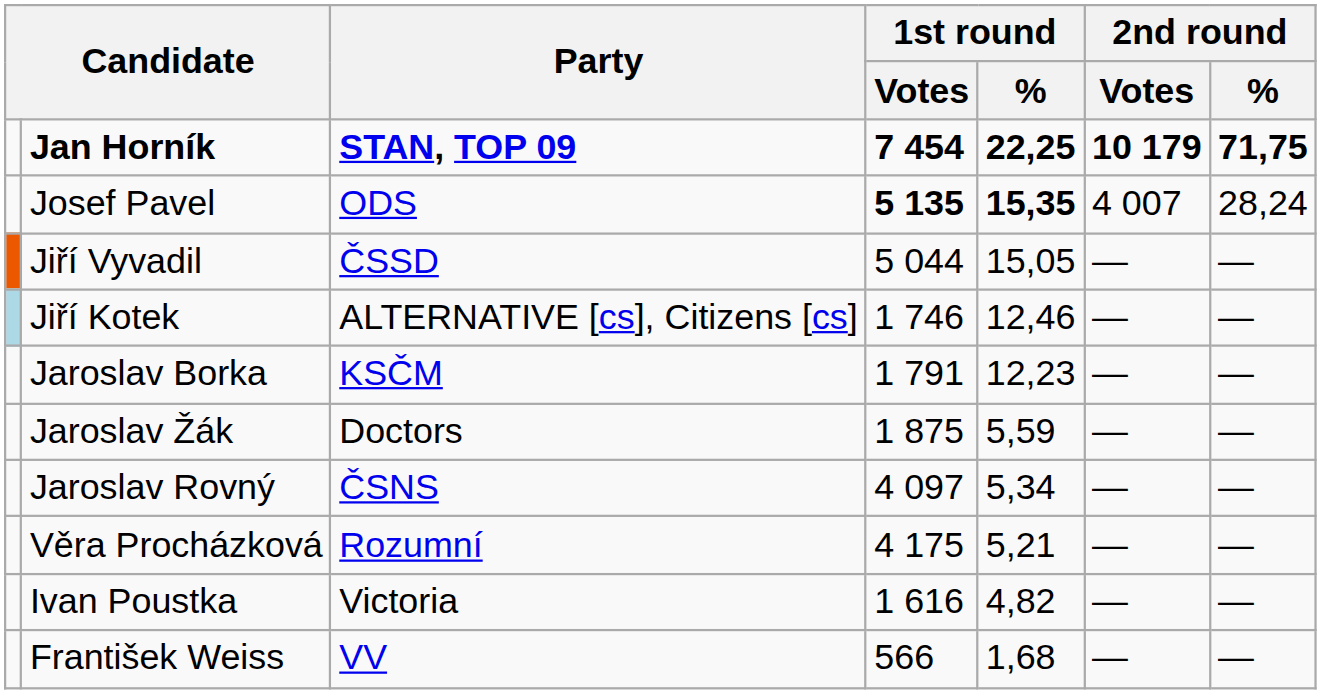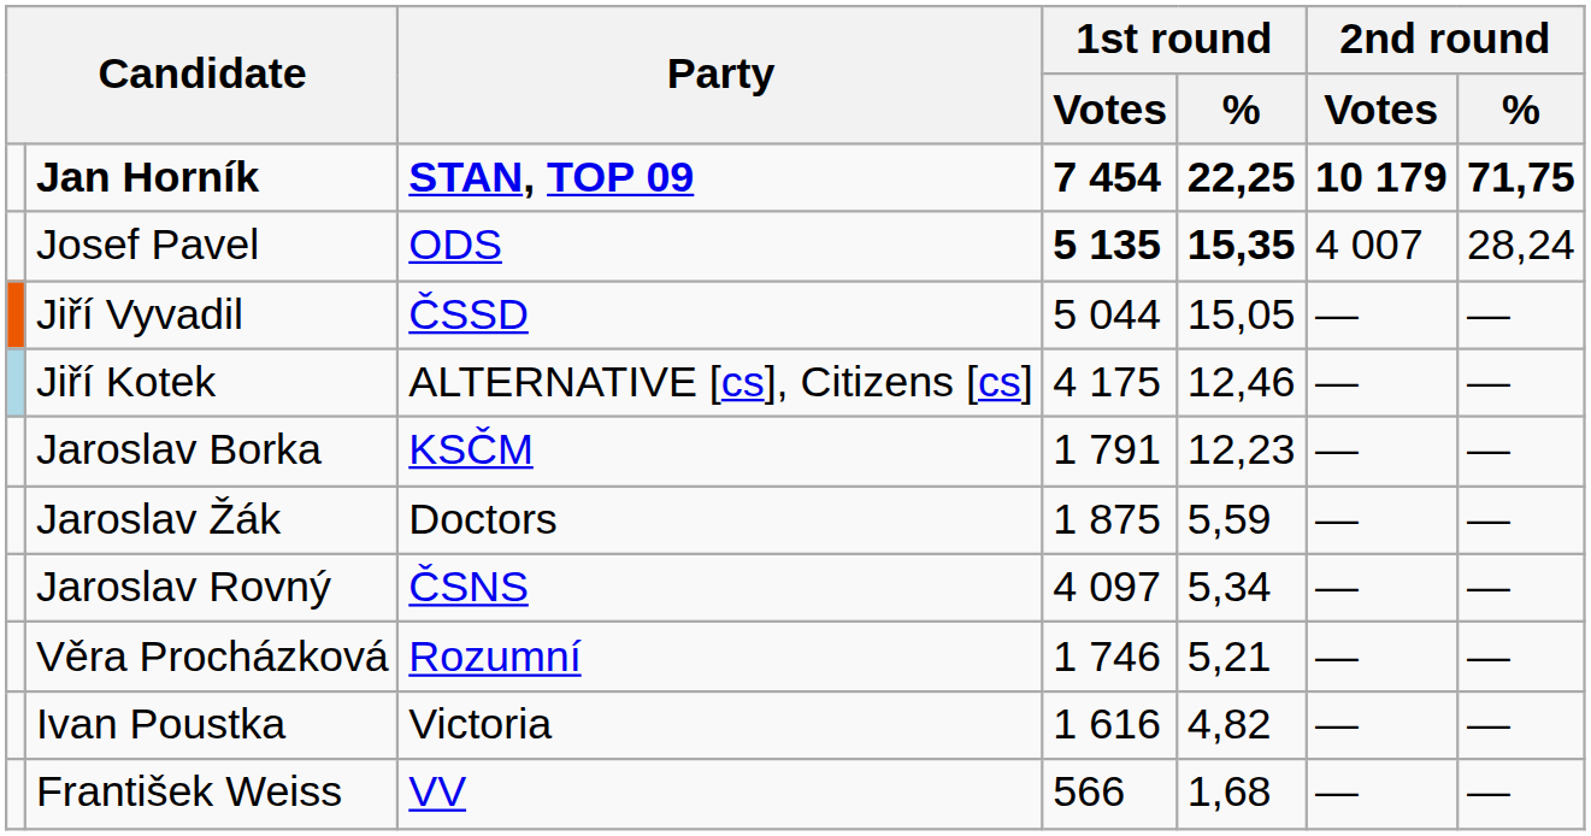 <table class="wikitable sortable">
 <tr>
 <th colspan="2" rowspan="2">Candidate</th>
 <th rowspan="2">Party</th>
 <th colspan="2">1st round</th>
 <th colspan="2">2nd round</th>
 </tr>
 <tr>
 <th>Votes</th>
 <th>%</th>
 <th>Votes</th>
 <th>%</th>
 </tr>
 <tr>
 <td style="background-color:"></td>
 <td><strong>Jan Horník</strong></td>
 <td><strong><a href='#'>STAN</a>, <a href='#'>TOP 09</a></strong></td>
 <td><strong>7 454</strong></td>
 <td><strong>22,25</strong></td>
 <td><strong>10 179</strong></td>
 <td><strong>71,75</strong></td>
 </tr>
 <tr>
 <td style="background-color:"></td>
 <td>Josef Pavel</td>
 <td><a href='#'>ODS</a></td>
 <td><strong>5 135</strong></td>
 <td><strong>15,35</strong></td>
 <td>4 007</td>
 <td>28,24</td>
 </tr>
 <tr>
 <td style="background-color:#EC5800;"></td>
 <td>Jiří Vyvadil</td>
 <td><a href='#'>ČSSD</a></td>
 <td>5 044</td>
 <td>15,05</td>
 <td>—</td>
 <td>—</td>
 </tr>
 <tr>
 <td style="background-color:lightblue"></td>
 <td>Jiří Kotek</td>
 <td>ALTERNATIVE [<a href='#'>cs</a>], Citizens [<a href='#'>cs</a>]</td>
-<td>1 746</td>
+<td>4 175</td>
 <td>12,46</td>
 <td>—</td>
 <td>—</td>
 </tr>
 <tr>
 <td style="background-color:"></td>
 <td>Jaroslav Borka</td>
 <td><a href='#'>KSČM</a></td>
 <td>1 791</td>
 <td>12,23</td>
 <td>—</td>
 <td>—</td>
 </tr>
 <tr>
 <td></td>
 <td>Jaroslav Žák</td>
 <td>Doctors</td>
 <td>1 875</td>
 <td>5,59</td>
 <td>—</td>
 <td>—</td>
 </tr>
 <tr>
 <td style="background-color:"></td>
 <td>Jaroslav Rovný</td>
 <td><a href='#'>ČSNS</a></td>
 <td>4 097</td>
 <td>5,34</td>
 <td>—</td>
 <td>—</td>
 </tr>
 <tr>
 <td style="background-color:"></td>
 <td>Věra Procházková</td>
 <td><a href='#'>Rozumní</a></td>
-<td>4 175</td>
+<td>1 746</td>
 <td>5,21</td>
 <td>—</td>
 <td>—</td>
 </tr>
 <tr>
 <td></td>
 <td>Ivan Poustka</td>
 <td>Victoria</td>
 <td>1 616</td>
 <td>4,82</td>
 <td>—</td>
 <td>—</td>
 </tr>
 <tr>
 <td style="background-color:"></td>
 <td>František Weiss</td>
 <td><a href='#'>VV</a></td>
 <td>566</td>
 <td>1,68</td>
 <td>—</td>
 <td>—</td>
 </tr>
 </table>
